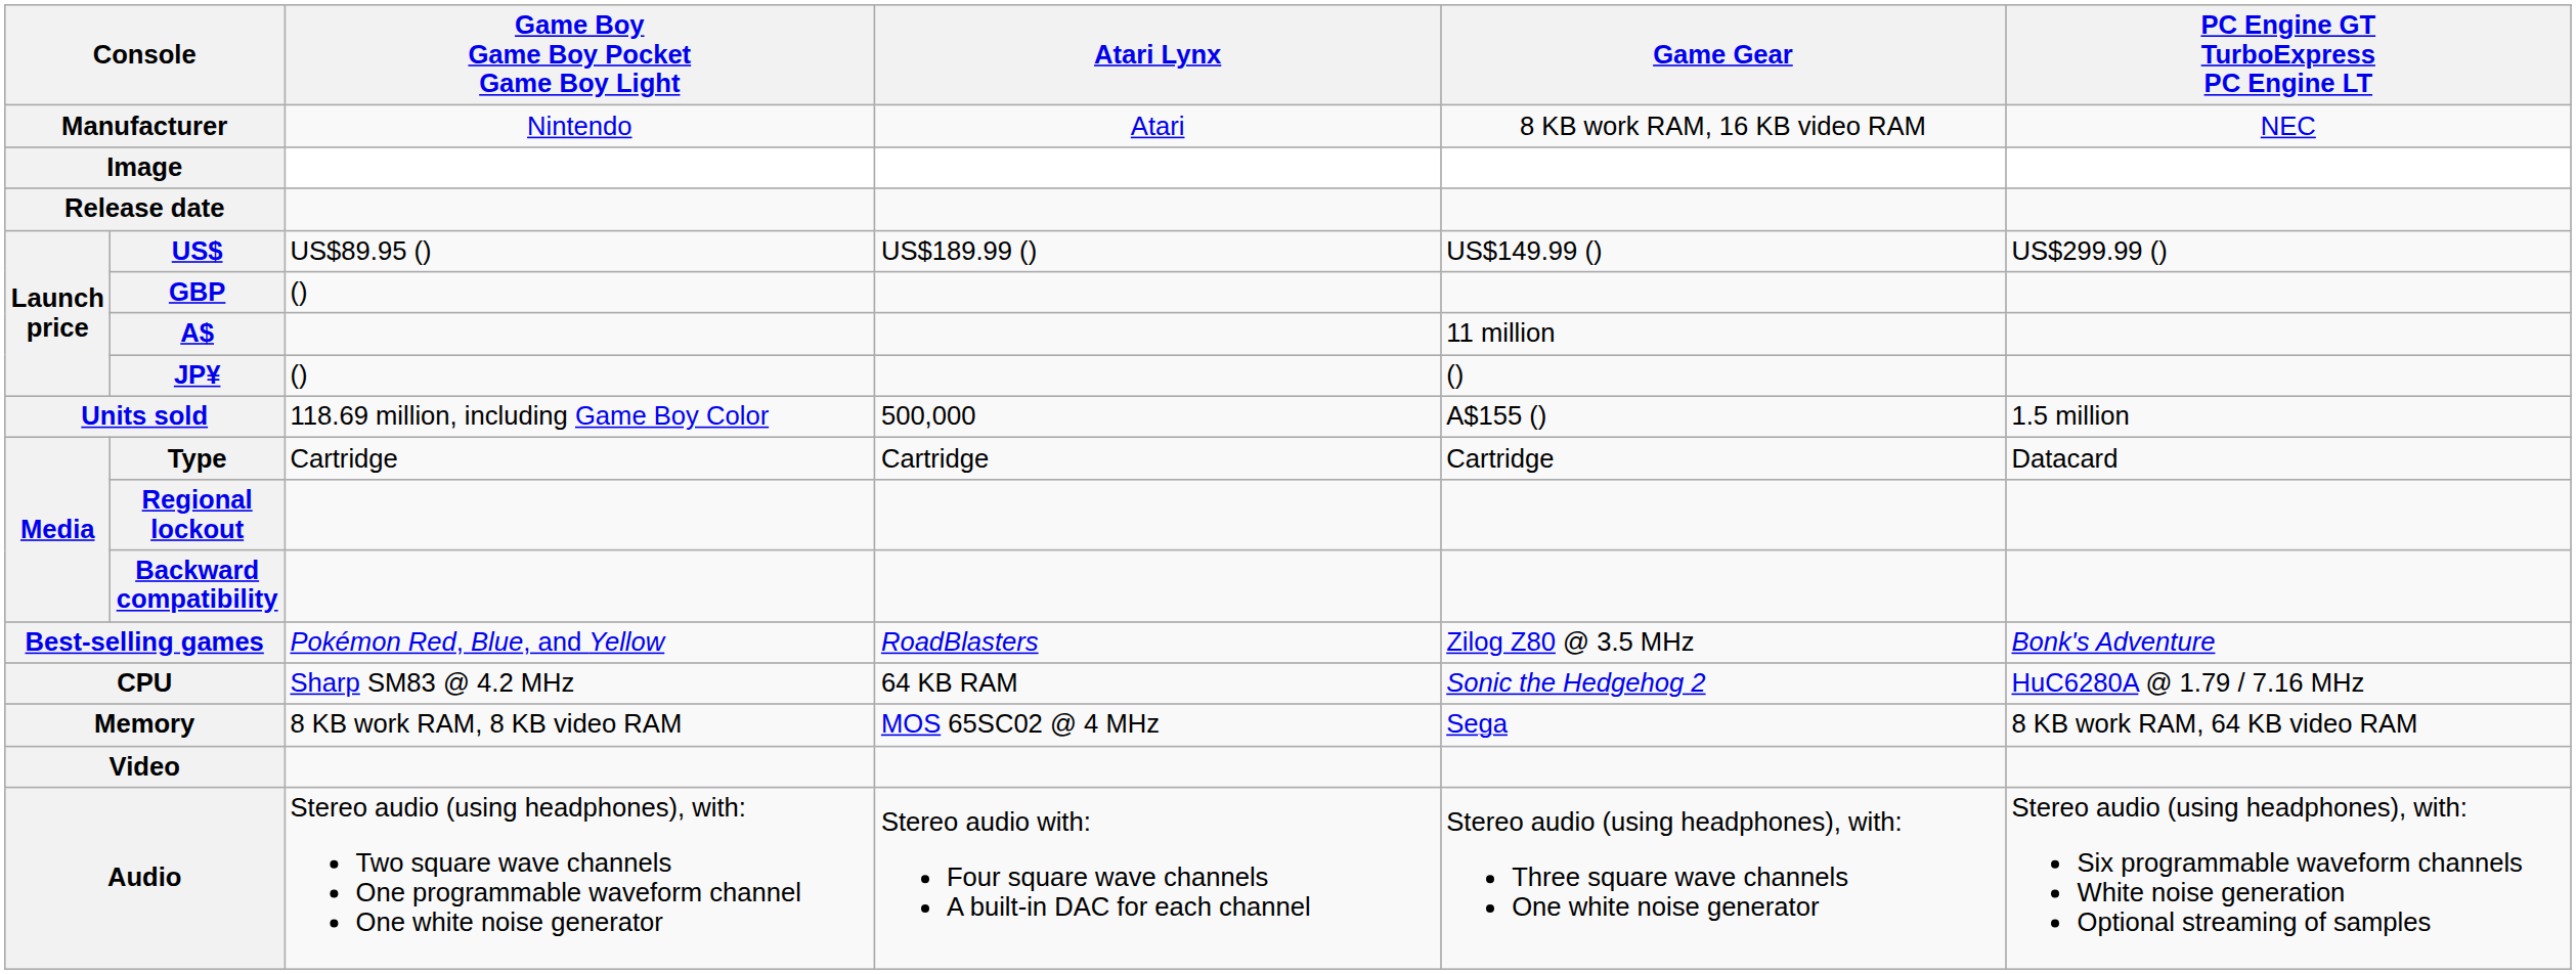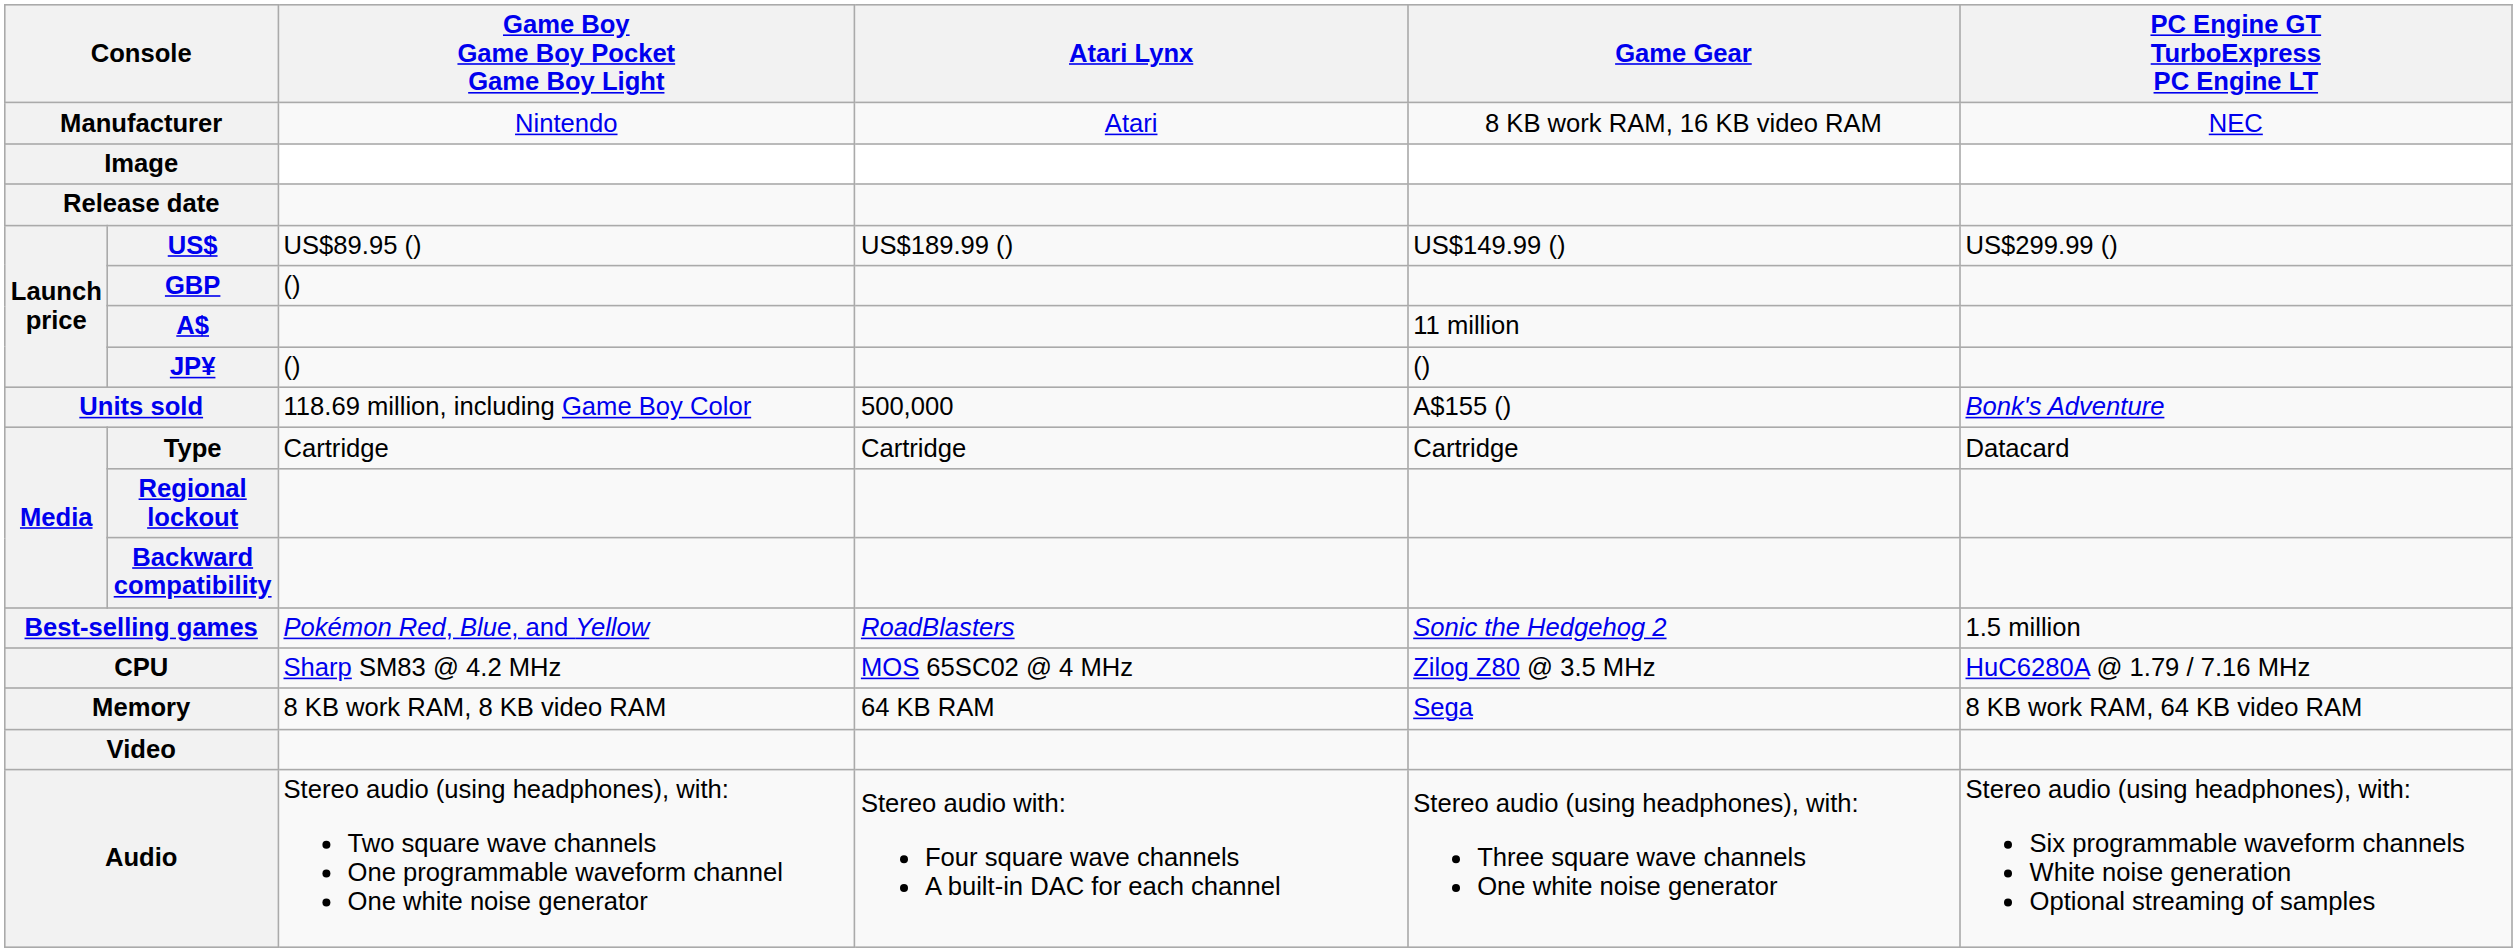 <table class="wikitable">
 <tr>
 <th colspan="2" style="width: 10%">Console</th>
 <th style="width: 23%;"><a href='#'>Game Boy</a><br><a href='#'>Game Boy Pocket</a><br><a href='#'>Game Boy Light</a></th>
 <th style="width: 22%;"><a href='#'>Atari Lynx</a></th>
 <th style="width: 22%;"><a href='#'>Game Gear</a></th>
 <th style="width: 22%;"><a href='#'>PC Engine GT<br>TurboExpress<br>PC Engine LT</a></th>
 </tr>
 <tr style="text-align:center;">
 <th colspan="2">Manufacturer</th>
 <td><a href='#'>Nintendo</a></td>
 <td><a href='#'>Atari</a></td>
 <td>8 KB work RAM, 16 KB video RAM</td>
 <td><a href='#'>NEC</a></td>
 </tr>
 <tr style="text-align:center;">
 <th colspan="2">Image</th>
 <td style="background: white;">  </td>
 <td style="background: white;"> </td>
 <td style="background: white;"></td>
 <td style="background: white;"> </td>
 </tr>
 <tr style="vertical-align: top">
 <th colspan="2">Release date</th>
 <td></td>
 <td></td>
 <td></td>
 <td></td>
 </tr>
 <tr>
 <th rowspan="4">Launch price</th>
 <th><a href='#'>US$</a></th>
 <td>US$89.95 ()</td>
 <td>US$189.99 ()</td>
 <td>US$149.99 ()</td>
 <td>US$299.99 ()</td>
 </tr>
 <tr>
 <th><a href='#'>GBP</a></th>
 <td> ()</td>
 <td></td>
 <td></td>
 <td></td>
 </tr>
 <tr>
 <th><a href='#'>A$</a></th>
 <td></td>
 <td></td>
 <td>11 million</td>
 <td></td>
 </tr>
 <tr>
 <th><a href='#'>JP¥</a></th>
 <td> ()</td>
 <td></td>
 <td> ()</td>
 <td></td>
 </tr>
 <tr>
 <th colspan="2"><a href='#'>Units sold</a></th>
 <td>118.69 million, including <a href='#'>Game Boy Color</a></td>
 <td>500,000</td>
 <td>A$155 ()</td>
-<td>1.5 million</td>
+<td><em><a href='#'>Bonk's Adventure</a></em></td>
 </tr>
 <tr>
 <th rowspan="3"><a href='#'>Media</a></th>
 <th>Type</th>
 <td>Cartridge</td>
 <td>Cartridge</td>
 <td>Cartridge</td>
 <td>Datacard</td>
 </tr>
 <tr>
 <th><a href='#'>Regional lockout</a></th>
 <td></td>
 <td></td>
 <td></td>
 <td></td>
 </tr>
 <tr>
 <th><a href='#'>Backward compatibility</a></th>
 <td></td>
 <td></td>
 <td></td>
 <td></td>
 </tr>
 <tr>
 <th colspan="2"><a href='#'>Best-selling games</a></th>
 <td><a href='#'><em>Pokémon Red</em>, <em>Blue</em>, and <em>Yellow</em></a></td>
 <td><em><a href='#'>RoadBlasters</a></em></td>
-<td><a href='#'>Zilog Z80</a> @ 3.5 MHz</td>
-<td><em><a href='#'>Bonk's Adventure</a></em></td>
+<td><em><a href='#'>Sonic the Hedgehog 2</a></em></td>
+<td>1.5 million</td>
 </tr>
 <tr>
 <th colspan="2">CPU</th>
 <td><a href='#'>Sharp</a> SM83 @ 4.2 MHz</td>
-<td>64 KB RAM</td>
-<td><em><a href='#'>Sonic the Hedgehog 2</a></em></td>
+<td><a href='#'>MOS</a> 65SC02 @ 4 MHz</td>
+<td><a href='#'>Zilog Z80</a> @ 3.5 MHz</td>
 <td><a href='#'>HuC6280A</a> @ 1.79 / 7.16 MHz</td>
 </tr>
 <tr>
 <th colspan="2">Memory</th>
 <td>8 KB work RAM, 8 KB video RAM</td>
-<td><a href='#'>MOS</a> 65SC02 @ 4 MHz</td>
+<td>64 KB RAM</td>
 <td><a href='#'>Sega</a></td>
 <td>8 KB work RAM, 64 KB video RAM</td>
 </tr>
 <tr>
 <th colspan="2">Video</th>
 <td></td>
 <td></td>
 <td></td>
 <td></td>
 </tr>
 <tr>
 <th colspan="2">Audio</th>
 <td>Stereo audio (using headphones), with:<br><ul><li>Two square wave channels</li><li>One programmable waveform channel</li><li>One white noise generator</li></ul></td>
 <td>Stereo audio with:<br><ul><li>Four square wave channels</li><li>A built-in DAC for each channel</li></ul></td>
 <td>Stereo audio (using headphones), with:<br><ul><li>Three square wave channels</li><li>One white noise generator</li></ul></td>
 <td>Stereo audio (using headphones), with:<br><ul><li>Six programmable waveform channels</li><li>White noise generation</li><li>Optional streaming of samples</li></ul></td>
 </tr>
 </table>
